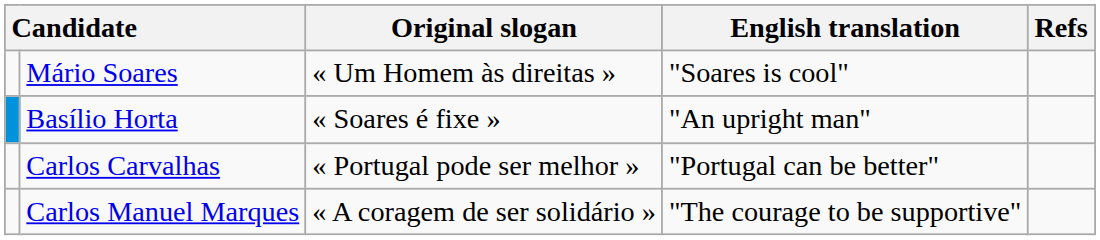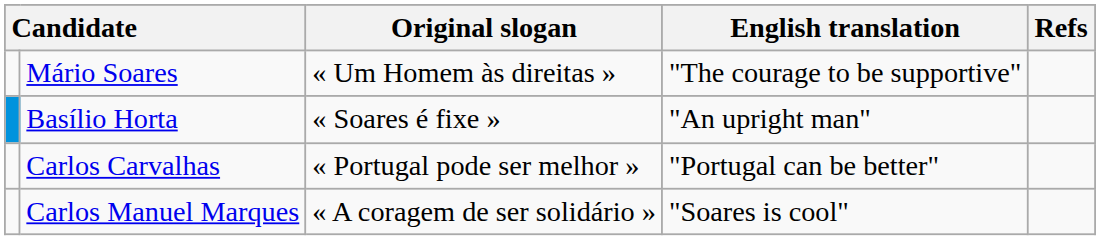 <table class="wikitable" style="font-size:97%; text-align:left;">
 <tr>
 <th style="text-align:left;" colspan="2">Candidate</th>
 <th>Original slogan</th>
 <th>English translation</th>
 <th>Refs</th>
 </tr>
 <tr>
 <td width="1"></td>
 <td><a href='#'>Mário Soares</a></td>
 <td>« Um Homem às direitas »</td>
-<td>"Soares is cool"</td>
+<td>"The courage to be supportive"</td>
 <td></td>
 </tr>
 <tr>
 <td bgcolor="#0093DD"></td>
 <td><a href='#'>Basílio Horta</a></td>
 <td>« Soares é fixe »</td>
 <td>"An upright man"</td>
 <td></td>
 </tr>
 <tr>
 <td></td>
 <td><a href='#'>Carlos Carvalhas</a></td>
 <td>« Portugal pode ser melhor »</td>
 <td>"Portugal can be better"</td>
 <td></td>
 </tr>
 <tr>
 <td></td>
 <td><a href='#'>Carlos Manuel Marques</a></td>
 <td>« A coragem de ser solidário »</td>
-<td>"The courage to be supportive"</td>
+<td>"Soares is cool"</td>
 <td></td>
 </tr>
 </table>
